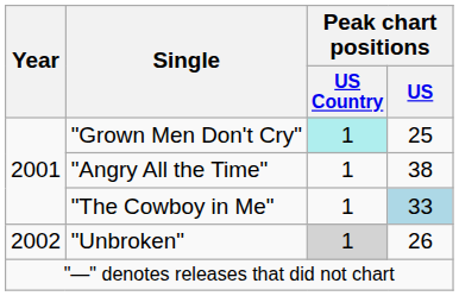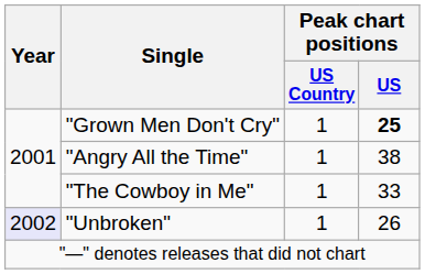 <table class="wikitable" style="text-align:center;">
 <tr>
 <th rowspan="2">Year</th>
 <th rowspan="2">Single</th>
 <th colspan="2">Peak chart positions</th>
 </tr>
 <tr style="font-size:smaller;">
 <th width="40"><a href='#'>US Country</a><br></th>
 <th width="40"><a href='#'>US</a><br></th>
 </tr>
 <tr>
 <td rowspan="3">2001</td>
 <td align="left">"Grown Men Don't Cry"</td>
-<td style="background: paleturquoise;">1</td>
-<td>25</td>
+<td>1</td>
+<td><strong>25</strong></td>
 </tr>
 <tr>
 <td align="left">"Angry All the Time"</td>
 <td>1</td>
 <td>38</td>
 </tr>
 <tr>
 <td align="left">"The Cowboy in Me"</td>
 <td>1</td>
-<td style="background: lightblue;">33</td>
+<td>33</td>
 </tr>
 <tr>
-<td>2002</td>
+<td style="background: lavender;">2002</td>
 <td align="left">"Unbroken"</td>
-<td style="background: lightgrey;">1</td>
+<td>1</td>
 <td>26</td>
 </tr>
 <tr>
 <td colspan="10" style="font-size:85%">"—" denotes releases that did not chart</td>
 </tr>
 </table>
